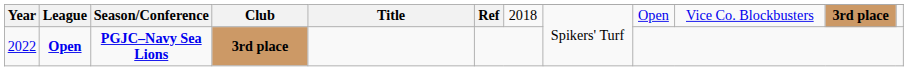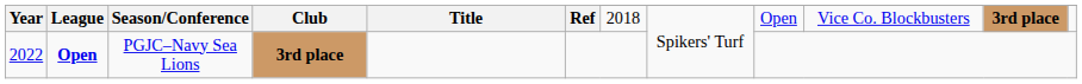 <table class="wikitable sortable" style="text-align:center" width="80%">
 <tr>
 <th style="width:5px;" rowspan="2">Year</th>
 <th style="width:25px;" rowspan="2">League</th>
 <th style="width:100px;" rowspan="2">Season/Conference</th>
 <th style="width:100px;" rowspan="2">Club</th>
 <th style="width:180px;" rowspan="2">Title</th>
 <th style="width:25px;" rowspan="2">Ref</th>
 </tr>
 <tr align=center>
 <td>2018</td>
 <td rowspan=2>Spikers' Turf</td>
 <td><a href='#'>Open</a></td>
 <td><a href='#'>Vice Co. Blockbusters</a></td>
 <td style="background:#cc9966;"><strong>3rd place</strong></td>
 <td></td>
 </tr>
 <tr align=center>
 <td><a href='#'>2022</a></td>
 <td><strong><a href='#'>Open</a></strong></td>
-<td><strong><a href='#'>PGJC–Navy Sea Lions</a></strong></td>
+<td><a href='#'>PGJC–Navy Sea Lions</a></td>
 <td bgcolor=#cc9966><strong>3rd place</strong></td>
 <td></td>
 </tr>
 </table>
